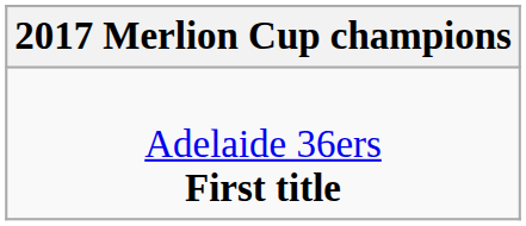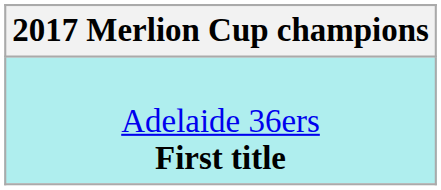 <table class="wikitable" style="text-align: center; margin: 0 auto;">
 <tr>
 <th>2017 Merlion Cup champions</th>
 </tr>
 <tr>
-<td> <br> <a href='#'>Adelaide 36ers</a><br><strong>First title</strong></td>
+<td style="background: paleturquoise;"> <br> <a href='#'>Adelaide 36ers</a><br><strong>First title</strong></td>
 </tr>
 </table>
